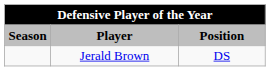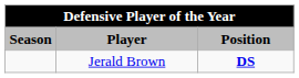 <table class="wikitable sortable" style="text-align:center">
 <tr>
 <td colspan="4" style="background:#000; color:white;"><strong>Defensive Player of the Year</strong></td>
 </tr>
 <tr>
 <th style="width:50px; background:#BEBEBE; color: #000;">Season</th>
 <th style="width:150px; background:#BEBEBE; color: #000;">Player</th>
 <th style="width:100px; background:#BEBEBE; color: #000;">Position</th>
 </tr>
 <tr>
 <td></td>
 <td><a href='#'>Jerald Brown</a></td>
-<td><a href='#'>DS</a></td>
+<td><strong><a href='#'>DS</a></strong></td>
 </tr>
 </table>
